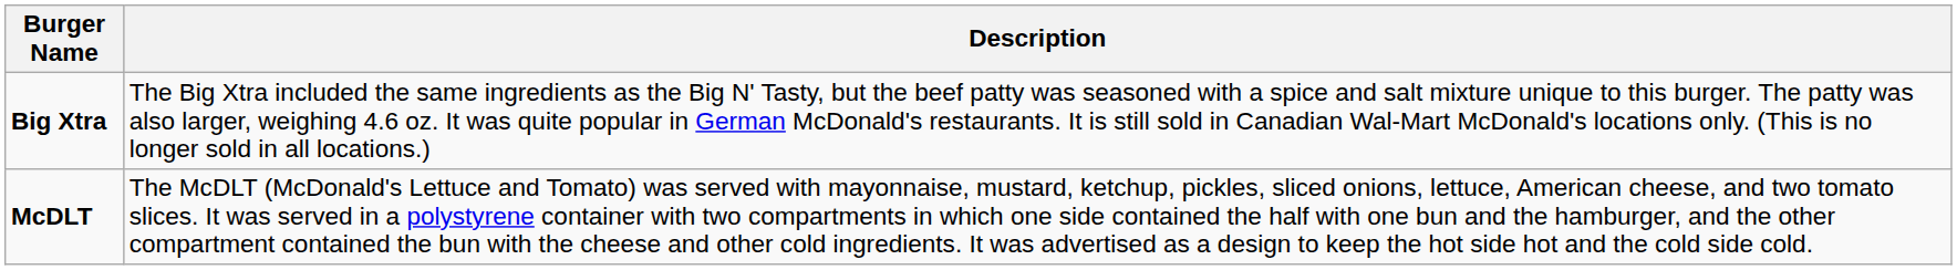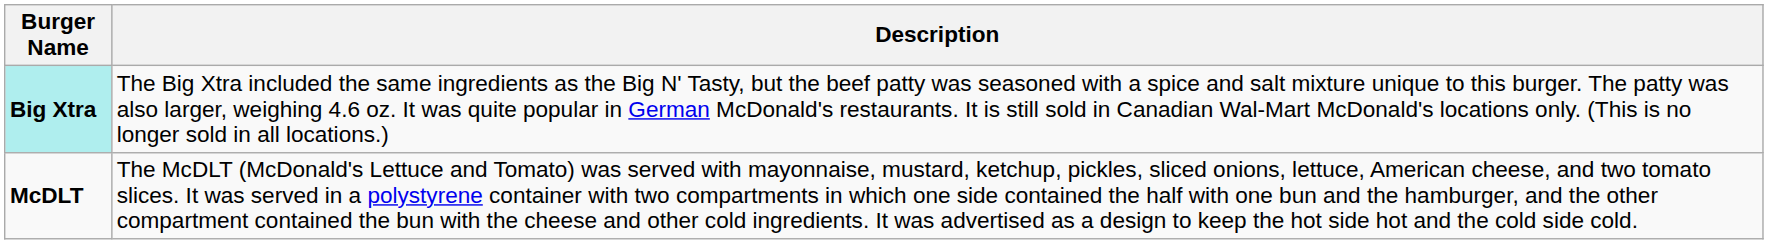 <table class="wikitable">
 <tr>
 <th>Burger Name</th>
 <th>Description</th>
 </tr>
 <tr>
-<td><strong>Big Xtra</strong></td>
+<td style="background: paleturquoise;"><strong>Big Xtra</strong></td>
 <td>The Big Xtra included the same ingredients as the Big N' Tasty, but the beef patty was seasoned with a spice and salt mixture unique to this burger. The patty was also larger, weighing 4.6 oz. It was quite popular in <a href='#'>German</a> McDonald's restaurants. It is still sold in Canadian Wal-Mart McDonald's locations only. (This is no longer sold in all locations.)</td>
 </tr>
 <tr>
 <td><strong>McDLT</strong></td>
 <td>The McDLT (McDonald's Lettuce and Tomato) was served with mayonnaise, mustard, ketchup, pickles, sliced onions, lettuce, American cheese, and two tomato slices. It was served in a <a href='#'>polystyrene</a> container with two compartments in which one side contained the half with one bun and the hamburger, and the other compartment contained the bun with the cheese and other cold ingredients. It was advertised as a design to keep the hot side hot and the cold side cold.</td>
 </tr>
 </table>
